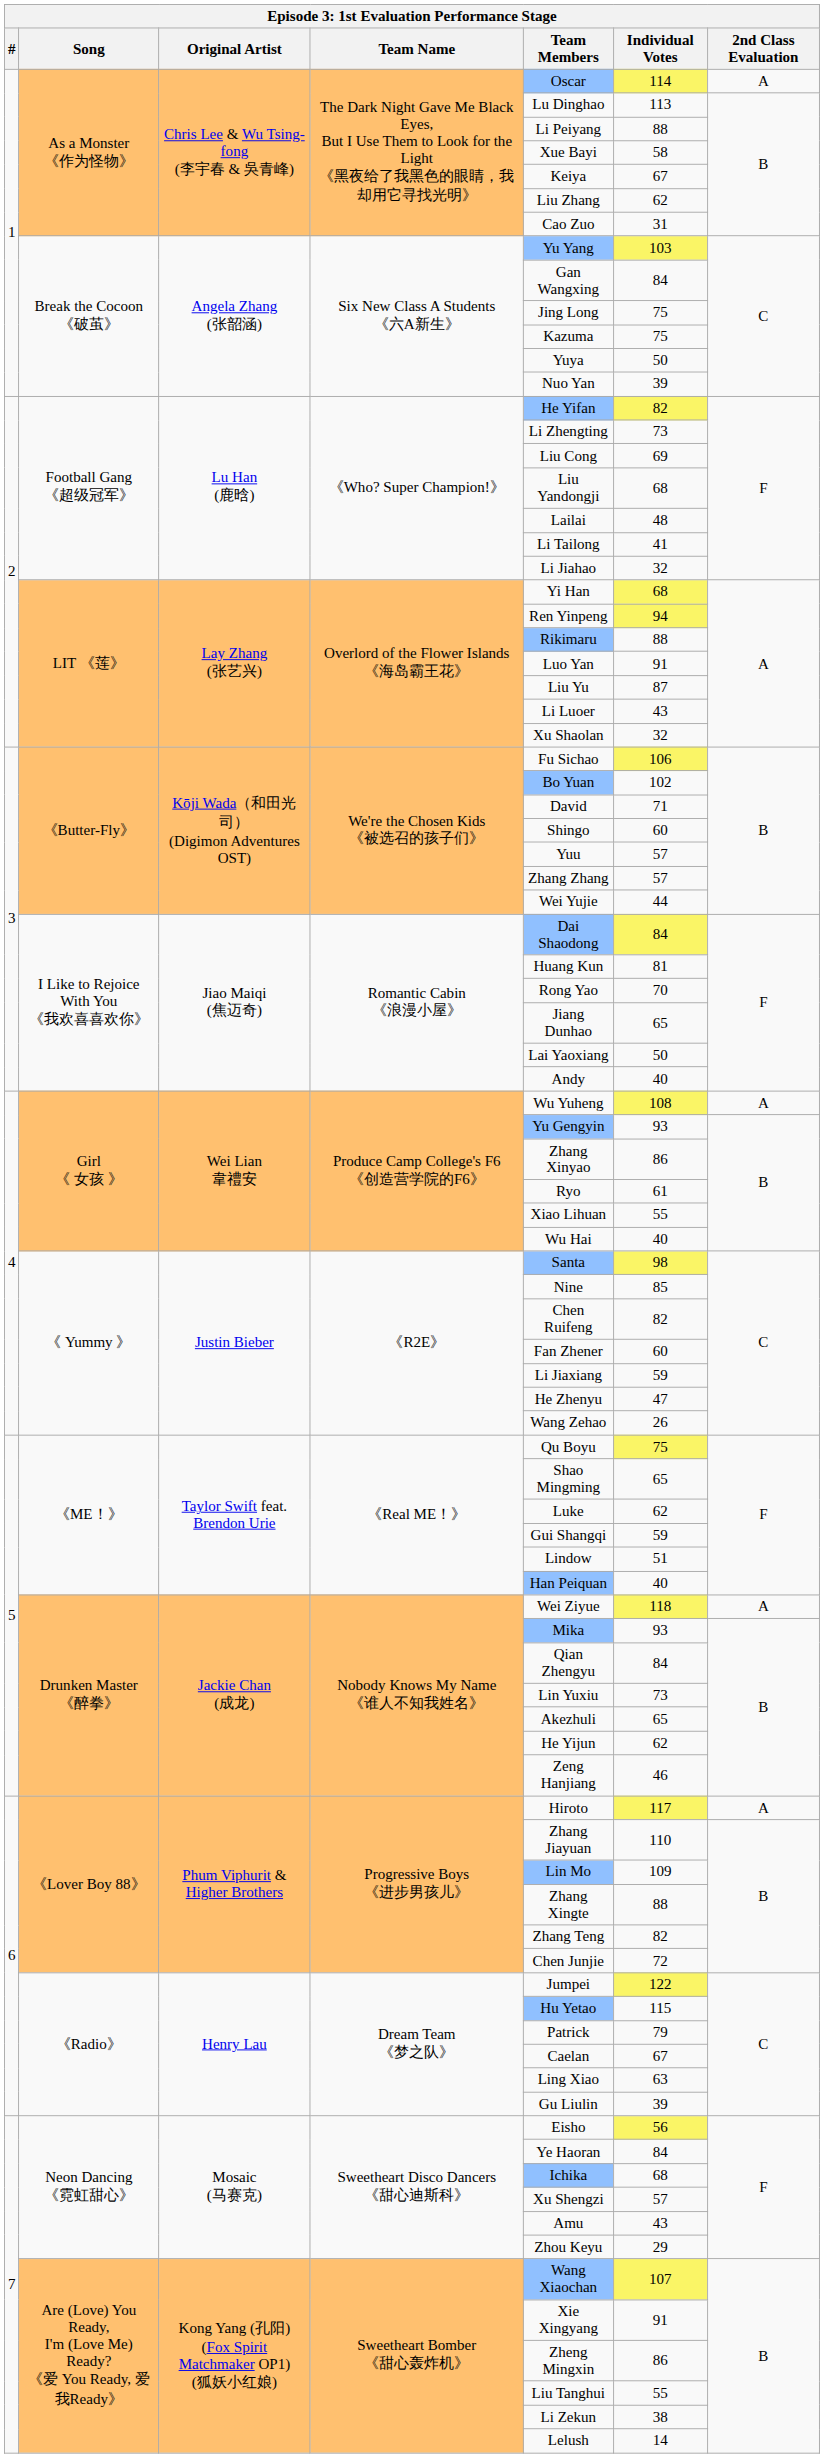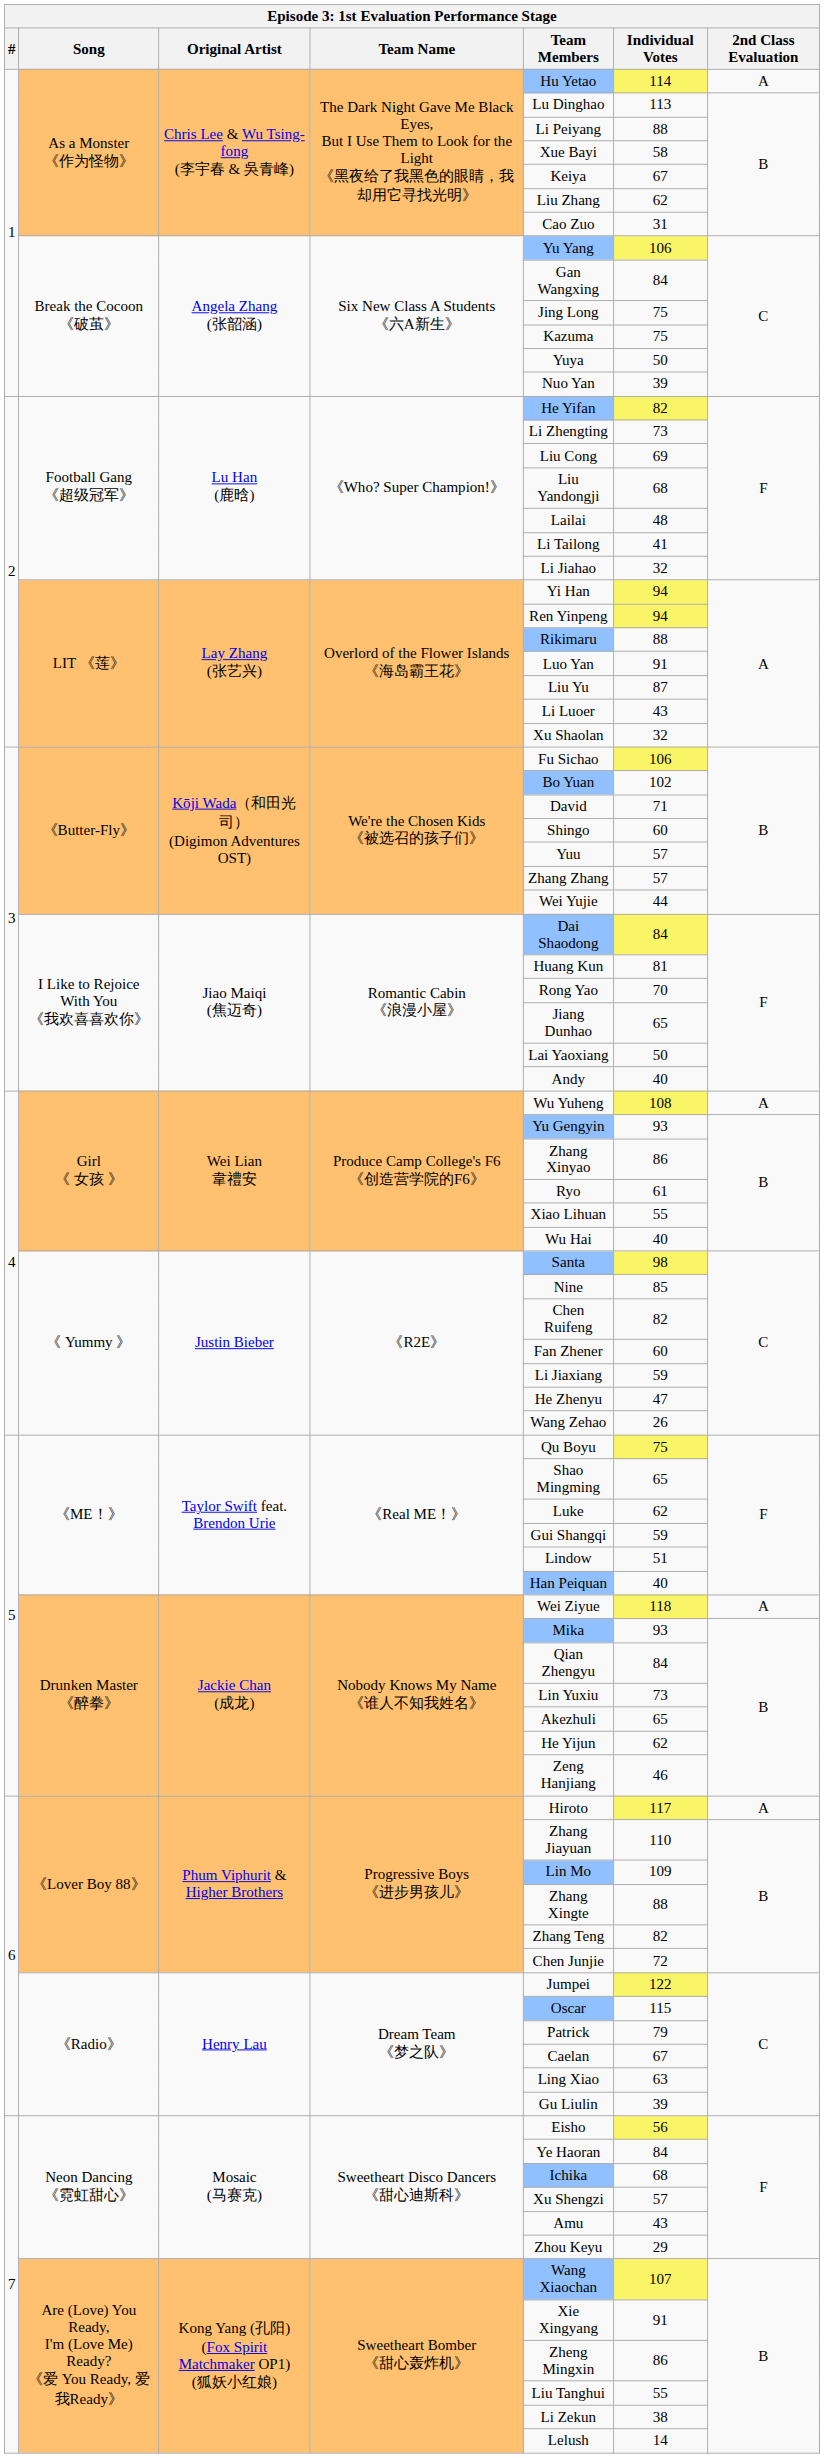 <table class="wikitable sortable" style="text-align:center;">
 <tr>
 <th colspan="7">Episode 3: 1st Evaluation Performance Stage</th>
 </tr>
 <tr>
 <th>#</th>
 <th>Song</th>
 <th>Original Artist</th>
 <th>Team Name</th>
 <th>Team Members</th>
 <th>Individual Votes</th>
 <th>2nd Class Evaluation</th>
 </tr>
 <tr>
 <td rowspan="13">1</td>
 <td rowspan="7" style="background:#FFC06F">As a Monster<br>《作为怪物》</td>
 <td rowspan="7" style="background:#FFC06F"><a href='#'>Chris Lee</a> & <a href='#'>Wu Tsing-fong</a><br>(李宇春 & 吳青峰)</td>
 <td rowspan="7" style="background:#FFC06F">The Dark Night Gave Me Black Eyes,<br>But I Use Them to Look for the Light<br>《黑夜给了我黑色的眼睛，我却用它寻找光明》</td>
-<td style="background:#90C0FF">Oscar</td>
+<td style="background:#90C0FF">Hu Yetao</td>
 <td style="background:#FAF566">114</td>
 <td>A</td>
 </tr>
 <tr>
 <td>Lu Dinghao</td>
 <td>113</td>
 <td rowspan="6">B</td>
 </tr>
 <tr>
 <td>Li Peiyang</td>
 <td>88</td>
 </tr>
 <tr>
 <td>Xue Bayi</td>
 <td>58</td>
 </tr>
 <tr>
 <td>Keiya</td>
 <td>67</td>
 </tr>
 <tr>
 <td>Liu Zhang</td>
 <td>62</td>
 </tr>
 <tr>
 <td>Cao Zuo</td>
 <td>31</td>
 </tr>
 <tr>
 <td rowspan="6">Break the Cocoon<br>《破茧》</td>
 <td rowspan="6"><a href='#'>Angela Zhang</a><br>(张韶涵)</td>
 <td rowspan="6">Six New Class A Students<br>《六A新生》</td>
 <td style="background:#90C0FF">Yu Yang</td>
-<td style="background:#FAF566">103</td>
+<td style="background:#FAF566">106</td>
 <td rowspan="6">C</td>
 </tr>
 <tr>
 <td>Gan Wangxing</td>
 <td>84</td>
 </tr>
 <tr>
 <td>Jing Long</td>
 <td>75</td>
 </tr>
 <tr>
 <td>Kazuma</td>
 <td>75</td>
 </tr>
 <tr>
 <td>Yuya</td>
 <td>50</td>
 </tr>
 <tr>
 <td>Nuo Yan</td>
 <td>39</td>
 </tr>
 <tr>
 <td rowspan="14">2</td>
 <td rowspan="7">Football Gang<br>《超级冠军》</td>
 <td rowspan="7"><a href='#'>Lu Han</a><br>(鹿晗)</td>
 <td rowspan="7">《Who? Super Champion!》</td>
 <td style="background:#90C0FF">He Yifan</td>
 <td style="background:#FAF566">82</td>
 <td rowspan="7">F</td>
 </tr>
 <tr>
 <td>Li Zhengting</td>
 <td>73</td>
 </tr>
 <tr>
 <td>Liu Cong</td>
 <td>69</td>
 </tr>
 <tr>
 <td>Liu Yandongji</td>
 <td>68</td>
 </tr>
 <tr>
 <td>Lailai</td>
 <td>48</td>
 </tr>
 <tr>
 <td>Li Tailong</td>
 <td>41</td>
 </tr>
 <tr>
 <td>Li Jiahao</td>
 <td>32</td>
 </tr>
 <tr>
 <td rowspan="7" style="background:#FFC06F">LIT 《莲》</td>
 <td rowspan="7" style="background:#FFC06F"><a href='#'>Lay Zhang</a><br>(张艺兴)</td>
 <td rowspan="7" style="background:#FFC06F">Overlord of the Flower Islands<br>《海岛霸王花》</td>
 <td>Yi Han</td>
-<td style="background:#FAF566">68</td>
+<td style="background:#FAF566">94</td>
 <td rowspan="7">A</td>
 </tr>
 <tr>
 <td>Ren Yinpeng</td>
 <td style="background:#FAF566">94</td>
 </tr>
 <tr>
 <td style="background:#90C0FF">Rikimaru</td>
 <td>88</td>
 </tr>
 <tr>
 <td>Luo Yan</td>
 <td>91</td>
 </tr>
 <tr>
 <td>Liu Yu</td>
 <td>87</td>
 </tr>
 <tr>
 <td>Li Luoer</td>
 <td>43</td>
 </tr>
 <tr>
 <td>Xu Shaolan</td>
 <td>32</td>
 </tr>
 <tr>
 <td rowspan="13">3</td>
 <td rowspan="7" style="background:#FFC06F">《Butter-Fly》</td>
 <td rowspan="7" style="background:#FFC06F"><a href='#'>Kōji Wada</a>（和田光司）<br>(Digimon Adventures OST)</td>
 <td rowspan="7" style="background:#FFC06F">We're the Chosen Kids<br>《被选召的孩子们》</td>
 <td>Fu Sichao</td>
 <td style="background:#FAF566">106</td>
 <td rowspan="7">B</td>
 </tr>
 <tr>
 <td style="background:#90C0FF">Bo Yuan</td>
 <td>102</td>
 </tr>
 <tr>
 <td>David</td>
 <td>71</td>
 </tr>
 <tr>
 <td>Shingo</td>
 <td>60</td>
 </tr>
 <tr>
 <td>Yuu</td>
 <td>57</td>
 </tr>
 <tr>
 <td>Zhang Zhang</td>
 <td>57</td>
 </tr>
 <tr>
 <td>Wei Yujie</td>
 <td>44</td>
 </tr>
 <tr>
 <td rowspan="6">I Like to Rejoice With You<br>《我欢喜喜欢你》</td>
 <td rowspan="6">Jiao Maiqi<br>(焦迈奇)</td>
 <td rowspan="6">Romantic Cabin<br>《浪漫小屋》</td>
 <td style="background:#90C0FF">Dai Shaodong</td>
 <td style="background:#FAF566">84</td>
 <td rowspan="6">F</td>
 </tr>
 <tr>
 <td>Huang Kun</td>
 <td>81</td>
 </tr>
 <tr>
 <td>Rong Yao</td>
 <td>70</td>
 </tr>
 <tr>
 <td>Jiang Dunhao</td>
 <td>65</td>
 </tr>
 <tr>
 <td>Lai Yaoxiang</td>
 <td>50</td>
 </tr>
 <tr>
 <td>Andy</td>
 <td>40</td>
 </tr>
 <tr>
 <td rowspan="13">4</td>
 <td rowspan="6" style="background:#FFC06F">Girl<br>《 女孩 》</td>
 <td rowspan="6" style="background:#FFC06F">Wei Lian<br>韋禮安</td>
 <td rowspan="6" style="background:#FFC06F">Produce Camp College's F6<br>《创造营学院的F6》</td>
 <td>Wu Yuheng</td>
 <td style="background:#FAF566">108</td>
 <td>A</td>
 </tr>
 <tr>
 <td style="background:#90C0FF">Yu Gengyin</td>
 <td>93</td>
 <td rowspan="5">B</td>
 </tr>
 <tr>
 <td>Zhang Xinyao</td>
 <td>86</td>
 </tr>
 <tr>
 <td>Ryo</td>
 <td>61</td>
 </tr>
 <tr>
 <td>Xiao Lihuan</td>
 <td>55</td>
 </tr>
 <tr>
 <td>Wu Hai</td>
 <td>40</td>
 </tr>
 <tr>
 <td rowspan="7">《 Yummy 》</td>
 <td rowspan="7"><a href='#'>Justin Bieber</a></td>
 <td rowspan="7">《R2E》</td>
 <td style="background:#90C0FF">Santa</td>
 <td style="background:#FAF566">98</td>
 <td rowspan="7">C</td>
 </tr>
 <tr>
 <td>Nine</td>
 <td>85</td>
 </tr>
 <tr>
 <td>Chen Ruifeng</td>
 <td>82</td>
 </tr>
 <tr>
 <td>Fan Zhener</td>
 <td>60</td>
 </tr>
 <tr>
 <td>Li Jiaxiang</td>
 <td>59</td>
 </tr>
 <tr>
 <td>He Zhenyu</td>
 <td>47</td>
 </tr>
 <tr>
 <td>Wang Zehao</td>
 <td>26</td>
 </tr>
 <tr>
 <td rowspan="13">5</td>
 <td rowspan="6">《ME！》</td>
 <td rowspan="6"><a href='#'>Taylor Swift</a> feat. <a href='#'>Brendon Urie</a></td>
 <td rowspan="6">《Real ME！》</td>
 <td>Qu Boyu</td>
 <td style="background:#FAF566">75</td>
 <td rowspan="6">F</td>
 </tr>
 <tr>
 <td>Shao Mingming</td>
 <td>65</td>
 </tr>
 <tr>
 <td>Luke</td>
 <td>62</td>
 </tr>
 <tr>
 <td>Gui Shangqi</td>
 <td>59</td>
 </tr>
 <tr>
 <td>Lindow</td>
 <td>51</td>
 </tr>
 <tr>
 <td style="background:#90C0FF">Han Peiquan</td>
 <td>40</td>
 </tr>
 <tr>
 <td rowspan="7" style="background:#FFC06F">Drunken Master<br>《醉拳》</td>
 <td rowspan="7" style="background:#FFC06F"><a href='#'>Jackie Chan</a><br>(成龙)</td>
 <td rowspan="7" style="background:#FFC06F">Nobody Knows My Name<br>《谁人不知我姓名》</td>
 <td>Wei Ziyue</td>
 <td style="background:#FAF566">118</td>
 <td>A</td>
 </tr>
 <tr>
 <td style="background:#90C0FF">Mika</td>
 <td>93</td>
 <td rowspan="6">B</td>
 </tr>
 <tr>
 <td>Qian Zhengyu</td>
 <td>84</td>
 </tr>
 <tr>
 <td>Lin Yuxiu</td>
 <td>73</td>
 </tr>
 <tr>
 <td>Akezhuli</td>
 <td>65</td>
 </tr>
 <tr>
 <td>He Yijun</td>
 <td>62</td>
 </tr>
 <tr>
 <td>Zeng Hanjiang</td>
 <td>46</td>
 </tr>
 <tr>
 <td rowspan="12">6</td>
 <td rowspan="6" style="background:#FFC06F">《Lover Boy 88》</td>
 <td rowspan="6" style="background:#FFC06F"><a href='#'>Phum Viphurit</a> & <a href='#'>Higher Brothers</a></td>
 <td rowspan="6" style="background:#FFC06F">Progressive Boys<br>《进步男孩儿》</td>
 <td>Hiroto</td>
 <td style="background:#FAF566">117</td>
 <td>A</td>
 </tr>
 <tr>
 <td>Zhang Jiayuan</td>
 <td>110</td>
 <td rowspan="5">B</td>
 </tr>
 <tr>
 <td style="background:#90C0FF">Lin Mo</td>
 <td>109</td>
 </tr>
 <tr>
 <td>Zhang Xingte</td>
 <td>88</td>
 </tr>
 <tr>
 <td>Zhang Teng</td>
 <td>82</td>
 </tr>
 <tr>
 <td>Chen Junjie</td>
 <td>72</td>
 </tr>
 <tr>
 <td rowspan="6">《Radio》</td>
 <td rowspan="6"><a href='#'>Henry Lau</a></td>
 <td rowspan="6">Dream Team<br>《梦之队》</td>
 <td>Jumpei</td>
 <td style="background:#FAF566">122</td>
 <td rowspan="6">C</td>
 </tr>
 <tr>
-<td style="background:#90C0FF">Hu Yetao</td>
+<td style="background:#90C0FF">Oscar</td>
 <td>115</td>
 </tr>
 <tr>
 <td>Patrick</td>
 <td>79</td>
 </tr>
 <tr>
 <td>Caelan</td>
 <td>67</td>
 </tr>
 <tr>
 <td>Ling Xiao</td>
 <td>63</td>
 </tr>
 <tr>
 <td>Gu Liulin</td>
 <td>39</td>
 </tr>
 <tr>
 <td rowspan="12">7</td>
 <td rowspan="6">Neon Dancing<br>《霓虹甜心》</td>
 <td rowspan="6">Mosaic<br>(马赛克)</td>
 <td rowspan="6">Sweetheart Disco Dancers<br>《甜心迪斯科》</td>
 <td>Eisho</td>
 <td style="background:#FAF566">56</td>
 <td rowspan="6">F</td>
 </tr>
 <tr>
 <td>Ye Haoran</td>
 <td>84</td>
 </tr>
 <tr>
 <td style="background:#90C0FF">Ichika</td>
 <td>68</td>
 </tr>
 <tr>
 <td>Xu Shengzi</td>
 <td>57</td>
 </tr>
 <tr>
 <td>Amu</td>
 <td>43</td>
 </tr>
 <tr>
 <td>Zhou Keyu</td>
 <td>29</td>
 </tr>
 <tr>
 <td rowspan="6" style="background:#FFC06F">Are (Love) You Ready,<br>I'm (Love Me) Ready?<br>《爱 You Ready, 爱我Ready》</td>
 <td rowspan="6" style="background:#FFC06F">Kong Yang (孔阳)<br>(<a href='#'>Fox Spirit Matchmaker</a> OP1)<br>(狐妖小红娘)</td>
 <td rowspan="6" style="background:#FFC06F">Sweetheart Bomber<br>《甜心轰炸机》</td>
 <td style="background:#90C0FF">Wang Xiaochan</td>
 <td style="background:#FAF566">107</td>
 <td rowspan="6">B</td>
 </tr>
 <tr>
 <td>Xie Xingyang</td>
 <td>91</td>
 </tr>
 <tr>
 <td>Zheng Mingxin</td>
 <td>86</td>
 </tr>
 <tr>
 <td>Liu Tanghui</td>
 <td>55</td>
 </tr>
 <tr>
 <td>Li Zekun</td>
 <td>38</td>
 </tr>
 <tr>
 <td>Lelush</td>
 <td>14</td>
 </tr>
 </table>
